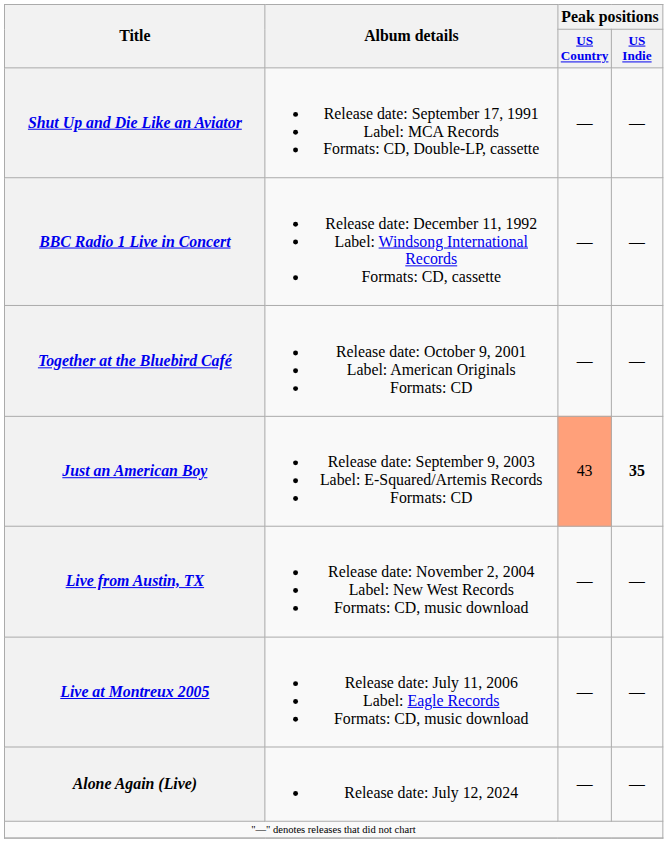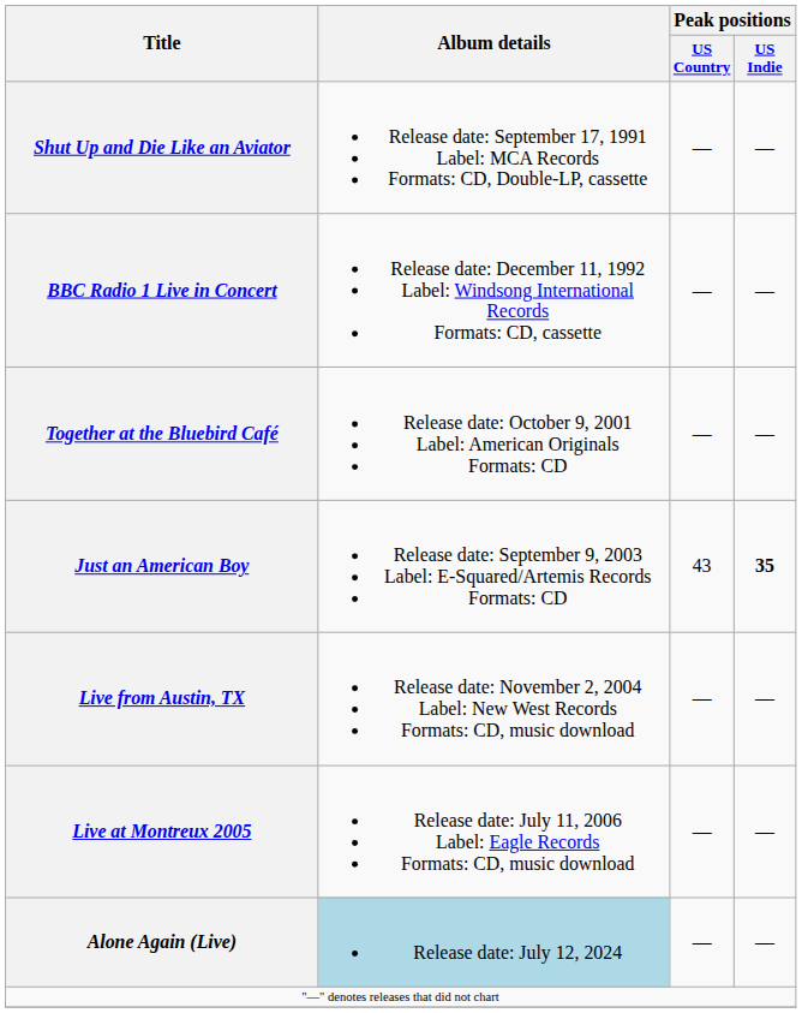 <table class="wikitable plainrowheaders" style="text-align:center;">
 <tr>
 <th rowspan="2" style="width:16em;">Title</th>
 <th rowspan="2" style="width:18em;">Album details</th>
 <th colspan="2">Peak positions</th>
 </tr>
 <tr style="font-size:smaller;">
 <th width="45"><a href='#'>US Country</a><br></th>
 <th width="45"><a href='#'>US Indie</a><br></th>
 </tr>
 <tr>
 <th scope="row"><em><a href='#'>Shut Up and Die Like an Aviator</a></em></th>
 <td><br><ul><li>Release date: September 17, 1991</li><li>Label: MCA Records</li><li>Formats: CD, Double-LP, cassette</li></ul></td>
 <td>—</td>
 <td>—</td>
 </tr>
 <tr>
 <th scope="row"><em><a href='#'>BBC Radio 1 Live in Concert</a></em></th>
 <td><br><ul><li>Release date: December 11, 1992</li><li>Label: <a href='#'>Windsong International Records</a></li><li>Formats: CD, cassette</li></ul></td>
 <td>—</td>
 <td>—</td>
 </tr>
 <tr>
 <th scope="row"><em><a href='#'>Together at the Bluebird Café</a></em><br></th>
 <td><br><ul><li>Release date: October 9, 2001</li><li>Label: American Originals</li><li>Formats: CD</li></ul></td>
 <td>—</td>
 <td>—</td>
 </tr>
 <tr>
 <th scope="row"><em><a href='#'>Just an American Boy</a></em></th>
 <td><br><ul><li>Release date: September 9, 2003</li><li>Label: E-Squared/Artemis Records</li><li>Formats: CD</li></ul></td>
-<td style="background: lightsalmon;">43</td>
+<td>43</td>
 <td><strong>35</strong></td>
 </tr>
 <tr>
 <th scope="row"><em><a href='#'>Live from Austin, TX</a></em></th>
 <td><br><ul><li>Release date: November 2, 2004</li><li>Label: New West Records</li><li>Formats: CD, music download</li></ul></td>
 <td>—</td>
 <td>—</td>
 </tr>
 <tr>
 <th scope="row"><em><a href='#'>Live at Montreux 2005</a></em></th>
 <td><br><ul><li>Release date: July 11, 2006</li><li>Label: <a href='#'>Eagle Records</a></li><li>Formats: CD, music download</li></ul></td>
 <td>—</td>
 <td>—</td>
 </tr>
 <tr>
 <th scope="row"><em>Alone Again (Live)</em></th>
-<td><br><ul><li>Release date: July 12, 2024</li></ul></td>
+<td style="background: lightblue;"><br><ul><li>Release date: July 12, 2024</li></ul></td>
 <td>—</td>
 <td>—</td>
 </tr>
 <tr>
 <td colspan="10" style="font-size:8pt">"—" denotes releases that did not chart</td>
 </tr>
 <tr>
 </tr>
 </table>
